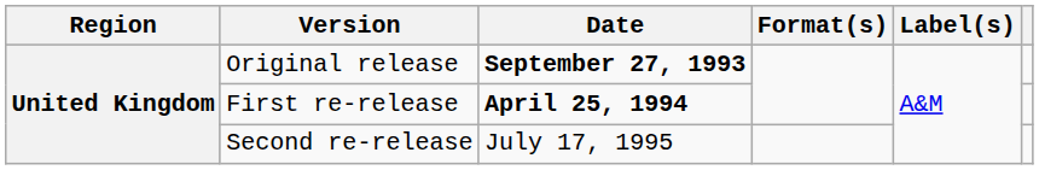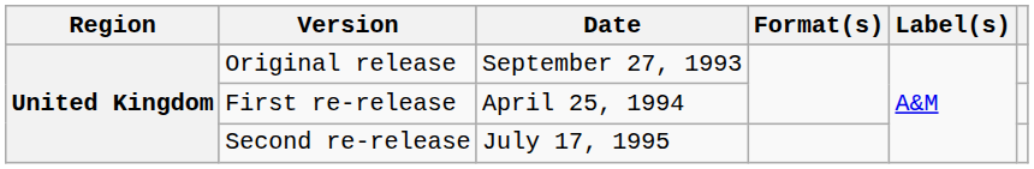 <table class="wikitable plainrowheaders">
 <tr>
 <th scope="col">Region</th>
 <th scope="col">Version</th>
 <th scope="col">Date</th>
 <th scope="col">Format(s)</th>
 <th scope="col">Label(s)</th>
 <th scope="col"></th>
 </tr>
 <tr>
 <th scope="row" rowspan="3">United Kingdom</th>
 <td>Original release</td>
-<td><strong>September 27, 1993</strong></td>
+<td>September 27, 1993</td>
 <td rowspan="2"></td>
 <td rowspan="3"><a href='#'>A&M</a></td>
 <td align="center"></td>
 </tr>
 <tr>
 <td>First re-release</td>
-<td><strong>April 25, 1994</strong></td>
+<td>April 25, 1994</td>
 <td align="center"></td>
 </tr>
 <tr>
 <td>Second re-release</td>
 <td>July 17, 1995</td>
 <td></td>
 <td align="center"></td>
 </tr>
 </table>
